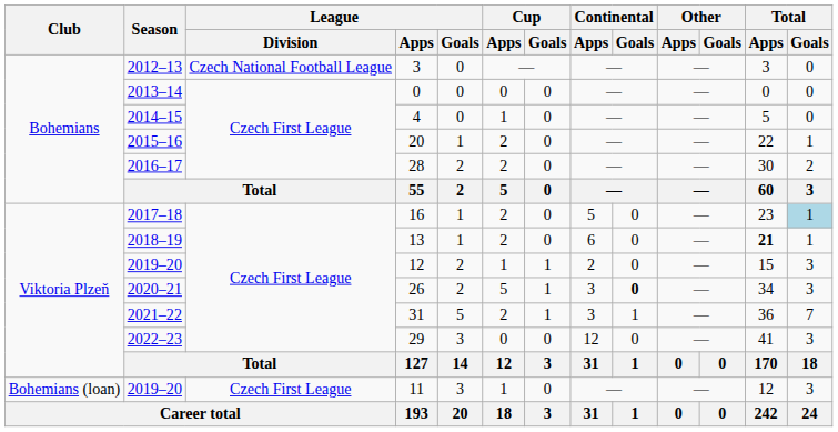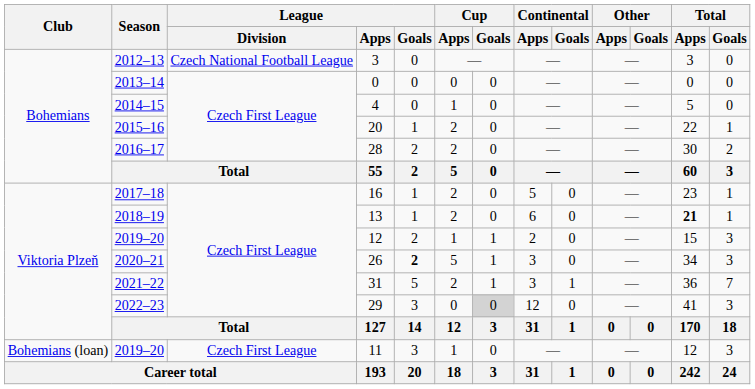 <table class="wikitable" style="text-align:center">
 <tr>
 <th rowspan="2">Club</th>
 <th rowspan="2">Season</th>
 <th colspan="3">League</th>
 <th colspan="2">Cup</th>
 <th colspan="2">Continental</th>
 <th colspan="2">Other</th>
 <th colspan="2">Total</th>
 </tr>
 <tr>
 <th>Division</th>
 <th>Apps</th>
 <th>Goals</th>
 <th>Apps</th>
 <th>Goals</th>
 <th>Apps</th>
 <th>Goals</th>
 <th>Apps</th>
 <th>Goals</th>
 <th>Apps</th>
 <th>Goals</th>
 </tr>
 <tr>
 <td rowspan="6"><a href='#'>Bohemians</a></td>
 <td><a href='#'>2012–13</a></td>
 <td><a href='#'>Czech National Football League</a></td>
 <td>3</td>
 <td>0</td>
 <td colspan="2">—</td>
 <td colspan="2">—</td>
 <td colspan="2">—</td>
 <td>3</td>
 <td>0</td>
 </tr>
 <tr>
 <td><a href='#'>2013–14</a></td>
 <td rowspan="4"><a href='#'>Czech First League</a></td>
 <td>0</td>
 <td>0</td>
 <td>0</td>
 <td>0</td>
 <td colspan="2">—</td>
 <td colspan="2">—</td>
 <td>0</td>
 <td>0</td>
 </tr>
 <tr>
 <td><a href='#'>2014–15</a></td>
 <td>4</td>
 <td>0</td>
 <td>1</td>
 <td>0</td>
 <td colspan="2">—</td>
 <td colspan="2">—</td>
 <td>5</td>
 <td>0</td>
 </tr>
 <tr>
 <td><a href='#'>2015–16</a></td>
 <td>20</td>
 <td>1</td>
 <td>2</td>
 <td>0</td>
 <td colspan="2">—</td>
 <td colspan="2">—</td>
 <td>22</td>
 <td>1</td>
 </tr>
 <tr>
 <td><a href='#'>2016–17</a></td>
 <td>28</td>
 <td>2</td>
 <td>2</td>
 <td>0</td>
 <td colspan="2">—</td>
 <td colspan="2">—</td>
 <td>30</td>
 <td>2</td>
 </tr>
 <tr>
 <th colspan="2">Total</th>
 <th>55</th>
 <th>2</th>
 <th>5</th>
 <th>0</th>
 <th colspan="2">—</th>
 <th colspan="2">—</th>
 <th>60</th>
 <th>3</th>
 </tr>
 <tr>
 <td rowspan="7"><a href='#'>Viktoria Plzeň</a></td>
 <td><a href='#'>2017–18</a></td>
 <td rowspan="6"><a href='#'>Czech First League</a></td>
 <td>16</td>
 <td>1</td>
 <td>2</td>
 <td>0</td>
 <td>5</td>
 <td>0</td>
 <td colspan="2">—</td>
 <td>23</td>
-<td style="background: lightblue;">1</td>
+<td>1</td>
 </tr>
 <tr>
 <td><a href='#'>2018–19</a></td>
 <td>13</td>
 <td>1</td>
 <td>2</td>
 <td>0</td>
 <td>6</td>
 <td>0</td>
 <td colspan="2">—</td>
 <td><strong>21</strong></td>
 <td>1</td>
 </tr>
 <tr>
 <td><a href='#'>2019–20</a></td>
 <td>12</td>
 <td>2</td>
 <td>1</td>
 <td>1</td>
 <td>2</td>
 <td>0</td>
 <td colspan="2">—</td>
 <td>15</td>
 <td>3</td>
 </tr>
 <tr>
 <td><a href='#'>2020–21</a></td>
 <td>26</td>
-<td>2</td>
+<td><strong>2</strong></td>
 <td>5</td>
 <td>1</td>
 <td>3</td>
-<td><strong>0</strong></td>
+<td>0</td>
 <td colspan="2">—</td>
 <td>34</td>
 <td>3</td>
 </tr>
 <tr>
 <td><a href='#'>2021–22</a></td>
 <td>31</td>
 <td>5</td>
 <td>2</td>
 <td>1</td>
 <td>3</td>
 <td>1</td>
 <td colspan="2">—</td>
 <td>36</td>
 <td>7</td>
 </tr>
 <tr>
 <td><a href='#'>2022–23</a></td>
 <td>29</td>
 <td>3</td>
 <td>0</td>
-<td>0</td>
+<td style="background: lightgrey;">0</td>
 <td>12</td>
 <td>0</td>
 <td colspan="2">—</td>
 <td>41</td>
 <td>3</td>
 </tr>
 <tr>
 <th colspan="2">Total</th>
 <th>127</th>
 <th>14</th>
 <th>12</th>
 <th>3</th>
 <th>31</th>
 <th>1</th>
 <th>0</th>
 <th>0</th>
 <th>170</th>
 <th>18</th>
 </tr>
 <tr>
 <td><a href='#'>Bohemians</a> (loan)</td>
 <td><a href='#'>2019–20</a></td>
 <td><a href='#'>Czech First League</a></td>
 <td>11</td>
 <td>3</td>
 <td>1</td>
 <td>0</td>
 <td colspan="2">—</td>
 <td colspan="2">—</td>
 <td>12</td>
 <td>3</td>
 </tr>
 <tr>
 <th colspan="3">Career total</th>
 <th>193</th>
 <th>20</th>
 <th>18</th>
 <th>3</th>
 <th>31</th>
 <th>1</th>
 <th>0</th>
 <th>0</th>
 <th>242</th>
 <th>24</th>
 </tr>
 </table>
